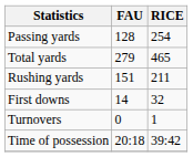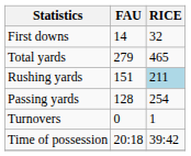 <table class="wikitable" style="float: left;">
 <tr>
 <th>Statistics</th>
 <th>FAU</th>
 <th>RICE</th>
 </tr>
 <tr>
-<td>Passing yards</td>
-<td>128</td>
-<td>254</td>
+<td>First downs</td>
+<td>14</td>
+<td>32</td>
 </tr>
 <tr>
 <td>Total yards</td>
 <td>279</td>
 <td>465</td>
 </tr>
 <tr>
 <td>Rushing yards</td>
 <td>151</td>
-<td>211</td>
+<td style="background: lightblue;">211</td>
 </tr>
 <tr>
-<td>First downs</td>
-<td>14</td>
-<td>32</td>
+<td>Passing yards</td>
+<td>128</td>
+<td>254</td>
 </tr>
 <tr>
 <td>Turnovers</td>
 <td>0</td>
 <td>1</td>
 </tr>
 <tr>
 <td>Time of possession</td>
 <td>20:18</td>
 <td>39:42</td>
 </tr>
 <tr>
 </tr>
 </table>
